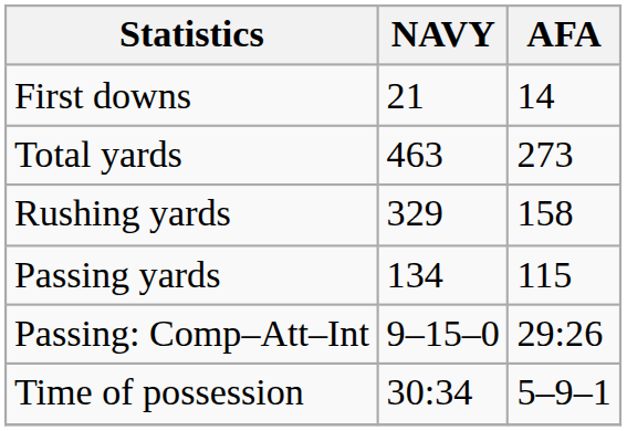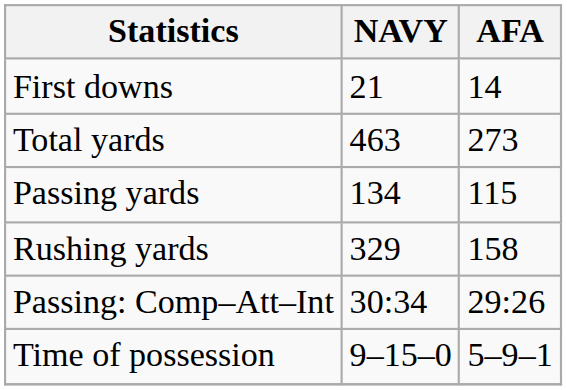 <table class="wikitable" style="float: left;">
 <tr>
 <th>Statistics</th>
 <th>NAVY</th>
 <th>AFA</th>
 </tr>
 <tr>
 <td>First downs</td>
 <td>21</td>
 <td>14</td>
 </tr>
 <tr>
 <td>Total yards</td>
 <td>463</td>
 <td>273</td>
 </tr>
 <tr>
+<td>Passing yards</td>
+<td>134</td>
+<td>115</td>
+</tr>
+<tr>
 <td>Rushing yards</td>
 <td>329</td>
 <td>158</td>
 </tr>
 <tr>
-<td>Passing yards</td>
-<td>134</td>
-<td>115</td>
-</tr>
-<tr>
 <td>Passing: Comp–Att–Int</td>
-<td>9–15–0</td>
+<td>30:34</td>
 <td>29:26</td>
 </tr>
 <tr>
 <td>Time of possession</td>
-<td>30:34</td>
+<td>9–15–0</td>
 <td>5–9–1</td>
 </tr>
 <tr>
 </tr>
 </table>
